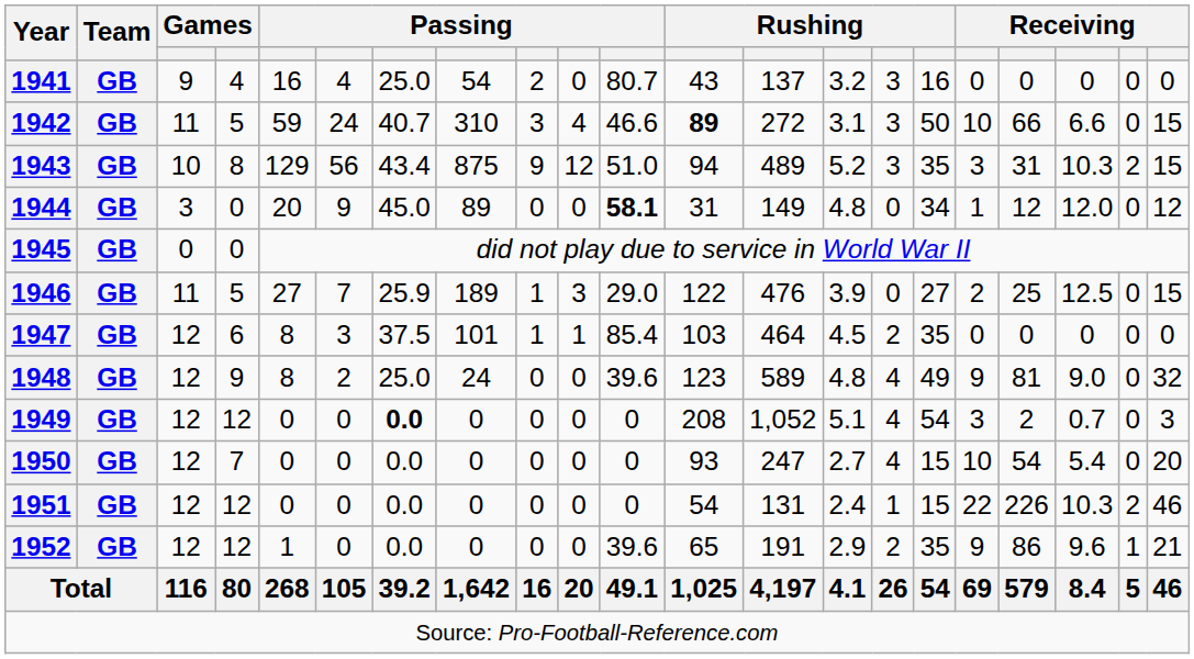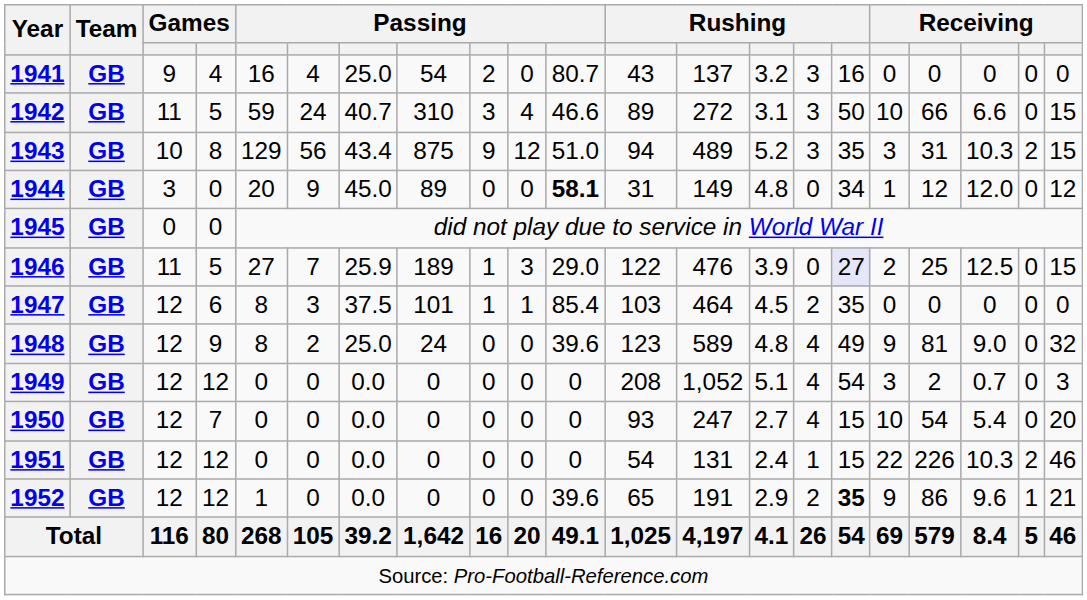 <table class="wikitable" style="text-align: center;">
 <tr>
 <th rowspan=2>Year</th>
 <th rowspan=2>Team</th>
 <th colspan=2>Games</th>
 <th colspan=7>Passing</th>
 <th colspan=5>Rushing</th>
 <th colspan=5>Receiving</th>
 </tr>
 <tr>
 <th></th>
 <th></th>
 <th></th>
 <th></th>
 <th></th>
 <th></th>
 <th></th>
 <th></th>
 <th><a href='#'></a></th>
 <th></th>
 <th></th>
 <th></th>
 <th></th>
 <th></th>
 <th></th>
 <th></th>
 <th></th>
 <th></th>
 <th></th>
 </tr>
 <tr>
 <th><a href='#'>1941</a></th>
 <th><a href='#'>GB</a></th>
 <td>9</td>
 <td>4</td>
 <td>16</td>
 <td>4</td>
 <td>25.0</td>
 <td>54</td>
 <td>2</td>
 <td>0</td>
 <td>80.7</td>
 <td>43</td>
 <td>137</td>
 <td>3.2</td>
 <td>3</td>
 <td>16</td>
 <td>0</td>
 <td>0</td>
 <td>0</td>
 <td>0</td>
 <td>0</td>
 </tr>
 <tr>
 <th><a href='#'>1942</a></th>
 <th><a href='#'>GB</a></th>
 <td>11</td>
 <td>5</td>
 <td>59</td>
 <td>24</td>
 <td>40.7</td>
 <td>310</td>
 <td>3</td>
 <td>4</td>
 <td>46.6</td>
-<td><strong>89</strong></td>
+<td>89</td>
 <td>272</td>
 <td>3.1</td>
 <td>3</td>
 <td>50</td>
 <td>10</td>
 <td>66</td>
 <td>6.6</td>
 <td>0</td>
 <td>15</td>
 </tr>
 <tr>
 <th><a href='#'>1943</a></th>
 <th><a href='#'>GB</a></th>
 <td>10</td>
 <td>8</td>
 <td>129</td>
 <td>56</td>
 <td>43.4</td>
 <td>875</td>
 <td>9</td>
 <td>12</td>
 <td>51.0</td>
 <td>94</td>
 <td>489</td>
 <td>5.2</td>
 <td>3</td>
 <td>35</td>
 <td>3</td>
 <td>31</td>
 <td>10.3</td>
 <td>2</td>
 <td>15</td>
 </tr>
 <tr>
 <th><a href='#'>1944</a></th>
 <th><a href='#'>GB</a></th>
 <td>3</td>
 <td>0</td>
 <td>20</td>
 <td>9</td>
 <td>45.0</td>
 <td>89</td>
 <td>0</td>
 <td>0</td>
 <td><strong>58.1</strong></td>
 <td>31</td>
 <td>149</td>
 <td>4.8</td>
 <td>0</td>
 <td>34</td>
 <td>1</td>
 <td>12</td>
 <td>12.0</td>
 <td>0</td>
 <td>12</td>
 </tr>
 <tr>
 <th><a href='#'>1945</a></th>
 <th><a href='#'>GB</a></th>
 <td>0</td>
 <td>0</td>
 <td colspan=17><em>did not play due to service in <a href='#'>World War II</a></em></td>
 </tr>
 <tr>
 <th><a href='#'>1946</a></th>
 <th><a href='#'>GB</a></th>
 <td>11</td>
 <td>5</td>
 <td>27</td>
 <td>7</td>
 <td>25.9</td>
 <td>189</td>
 <td>1</td>
 <td>3</td>
 <td>29.0</td>
 <td>122</td>
 <td>476</td>
 <td>3.9</td>
 <td>0</td>
-<td>27</td>
+<td style="background: lavender;">27</td>
 <td>2</td>
 <td>25</td>
 <td>12.5</td>
 <td>0</td>
 <td>15</td>
 </tr>
 <tr>
 <th><a href='#'>1947</a></th>
 <th><a href='#'>GB</a></th>
 <td>12</td>
 <td>6</td>
 <td>8</td>
 <td>3</td>
 <td>37.5</td>
 <td>101</td>
 <td>1</td>
 <td>1</td>
 <td>85.4</td>
 <td>103</td>
 <td>464</td>
 <td>4.5</td>
 <td>2</td>
 <td>35</td>
 <td>0</td>
 <td>0</td>
 <td>0</td>
 <td>0</td>
 <td>0</td>
 </tr>
 <tr>
 <th><a href='#'>1948</a></th>
 <th><a href='#'>GB</a></th>
 <td>12</td>
 <td>9</td>
 <td>8</td>
 <td>2</td>
 <td>25.0</td>
 <td>24</td>
 <td>0</td>
 <td>0</td>
 <td>39.6</td>
 <td>123</td>
 <td>589</td>
 <td>4.8</td>
 <td>4</td>
 <td>49</td>
 <td>9</td>
 <td>81</td>
 <td>9.0</td>
 <td>0</td>
 <td>32</td>
 </tr>
 <tr>
 <th><a href='#'>1949</a></th>
 <th><a href='#'>GB</a></th>
 <td>12</td>
 <td>12</td>
 <td>0</td>
 <td>0</td>
-<td><strong>0.0</strong></td>
+<td>0.0</td>
 <td>0</td>
 <td>0</td>
 <td>0</td>
 <td>0</td>
 <td>208</td>
 <td>1,052</td>
 <td>5.1</td>
 <td>4</td>
 <td>54</td>
 <td>3</td>
 <td>2</td>
 <td>0.7</td>
 <td>0</td>
 <td>3</td>
 </tr>
 <tr>
 <th><a href='#'>1950</a></th>
 <th><a href='#'>GB</a></th>
 <td>12</td>
 <td>7</td>
 <td>0</td>
 <td>0</td>
 <td>0.0</td>
 <td>0</td>
 <td>0</td>
 <td>0</td>
 <td>0</td>
 <td>93</td>
 <td>247</td>
 <td>2.7</td>
 <td>4</td>
 <td>15</td>
 <td>10</td>
 <td>54</td>
 <td>5.4</td>
 <td>0</td>
 <td>20</td>
 </tr>
 <tr>
 <th><a href='#'>1951</a></th>
 <th><a href='#'>GB</a></th>
 <td>12</td>
 <td>12</td>
 <td>0</td>
 <td>0</td>
 <td>0.0</td>
 <td>0</td>
 <td>0</td>
 <td>0</td>
 <td>0</td>
 <td>54</td>
 <td>131</td>
 <td>2.4</td>
 <td>1</td>
 <td>15</td>
 <td>22</td>
 <td>226</td>
 <td>10.3</td>
 <td>2</td>
 <td>46</td>
 </tr>
 <tr>
 <th><a href='#'>1952</a></th>
 <th><a href='#'>GB</a></th>
 <td>12</td>
 <td>12</td>
 <td>1</td>
 <td>0</td>
 <td>0.0</td>
 <td>0</td>
 <td>0</td>
 <td>0</td>
 <td>39.6</td>
 <td>65</td>
 <td>191</td>
 <td>2.9</td>
 <td>2</td>
-<td>35</td>
+<td><strong>35</strong></td>
 <td>9</td>
 <td>86</td>
 <td>9.6</td>
 <td>1</td>
 <td>21</td>
 </tr>
 <tr>
 <th colspan=2>Total</th>
 <th>116</th>
 <th>80</th>
 <th>268</th>
 <th>105</th>
 <th>39.2</th>
 <th>1,642</th>
 <th>16</th>
 <th>20</th>
 <th>49.1</th>
 <th>1,025</th>
 <th>4,197</th>
 <th>4.1</th>
 <th>26</th>
 <th>54</th>
 <th>69</th>
 <th>579</th>
 <th>8.4</th>
 <th>5</th>
 <th>46</th>
 </tr>
 <tr>
 <td colspan=23><small>Source: <em>Pro-Football-Reference.com</em></small> </td>
 </tr>
 </table>
